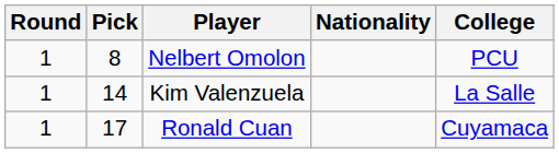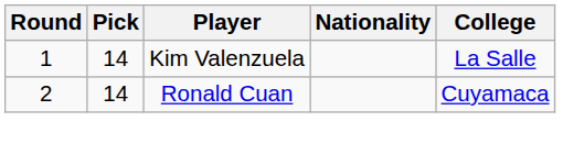 <table class="wikitable sortable sortable">
 <tr>
 <th>Round</th>
 <th>Pick</th>
 <th>Player</th>
 <th>Nationality</th>
 <th>College</th>
 </tr>
 <tr style="text-align: center">
 <td>1</td>
-<td>8</td>
-<td><a href='#'>Nelbert Omolon</a></td>
-<td></td>
-<td><a href='#'>PCU</a></td>
-</tr>
-<tr style="text-align: center">
-<td>1</td>
 <td>14</td>
 <td>Kim Valenzuela</td>
 <td></td>
 <td><a href='#'>La Salle</a></td>
 </tr>
 <tr style="text-align: center">
-<td>1</td>
-<td>17</td>
+<td>2</td>
+<td>14</td>
 <td><a href='#'>Ronald Cuan</a></td>
 <td></td>
 <td><a href='#'>Cuyamaca</a></td>
 </tr>
 </table>
